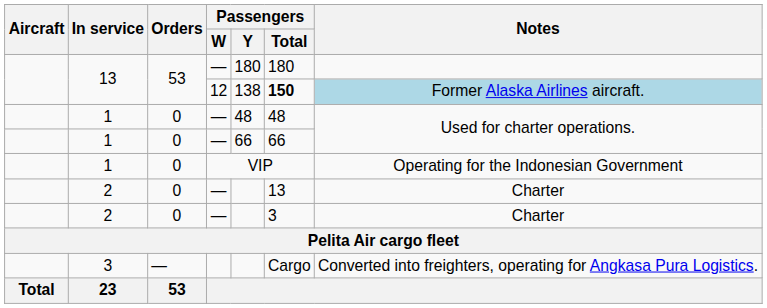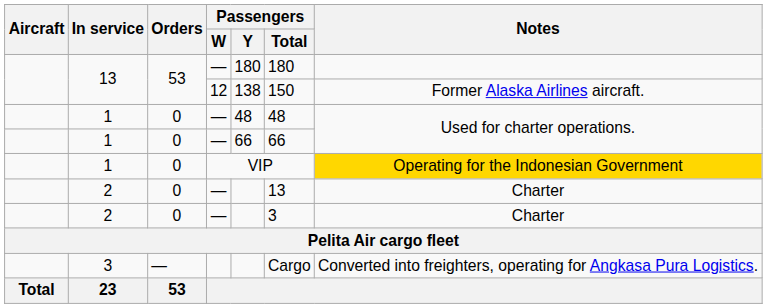 <table class="wikitable" style="margin:1em auto;">
 <tr>
 <th rowspan="2">Aircraft</th>
 <th rowspan="2">In service</th>
 <th rowspan="2">Orders</th>
 <th colspan="3">Passengers</th>
 <th rowspan="2">Notes</th>
 </tr>
 <tr>
 <th>W</th>
 <th>Y</th>
 <th>Total</th>
 </tr>
 <tr>
 <td rowspan="2" align="center"></td>
 <td rowspan="2" align="center">13</td>
 <td rowspan="2" align="center">53</td>
 <td align="center">—</td>
 <td>180</td>
 <td>180</td>
 <td align="center"></td>
 </tr>
 <tr>
 <td>12</td>
 <td>138</td>
-<td><strong>150</strong></td>
-<td align="center" style="background: lightblue;">Former <a href='#'>Alaska Airlines</a> aircraft.</td>
+<td>150</td>
+<td align="center">Former <a href='#'>Alaska Airlines</a> aircraft.</td>
 </tr>
 <tr>
 <td align="center"></td>
 <td align="center">1</td>
 <td align="center">0</td>
 <td align="center">—</td>
 <td>48</td>
 <td>48</td>
 <td rowspan="2" align="center">Used for charter operations.</td>
 </tr>
 <tr>
 <td align="center"></td>
 <td align="center">1</td>
 <td align="center">0</td>
 <td align="center">—</td>
 <td>66</td>
 <td>66</td>
 </tr>
 <tr>
 <td align="center"></td>
 <td align="center">1</td>
 <td align="center">0</td>
 <td colspan="3" align="center">VIP</td>
-<td align="center">Operating for the Indonesian Government</td>
+<td align="center" style="background: gold;">Operating for the Indonesian Government</td>
 </tr>
 <tr>
 <td align="center"></td>
 <td align="center">2</td>
 <td align="center">0</td>
 <td align="center">—</td>
 <td></td>
 <td>13</td>
 <td align="center">Charter</td>
 </tr>
 <tr>
 <td align="center"></td>
 <td align="center">2</td>
 <td align="center">0</td>
 <td align="center">—</td>
 <td></td>
 <td>3</td>
 <td align="center">Charter</td>
 </tr>
 <tr>
 <th colspan="7">Pelita Air cargo fleet</th>
 </tr>
 <tr>
 <td align="center"></td>
 <td align="center">3</td>
 <td>—</td>
 <td align="center"></td>
 <td></td>
 <td>Cargo</td>
 <td align="center">Converted into freighters, operating for <a href='#'>Angkasa Pura Logistics</a>.</td>
 </tr>
 <tr>
 <th>Total</th>
 <th>23</th>
 <th>53</th>
 <th colspan="4"></th>
 </tr>
 </table>
